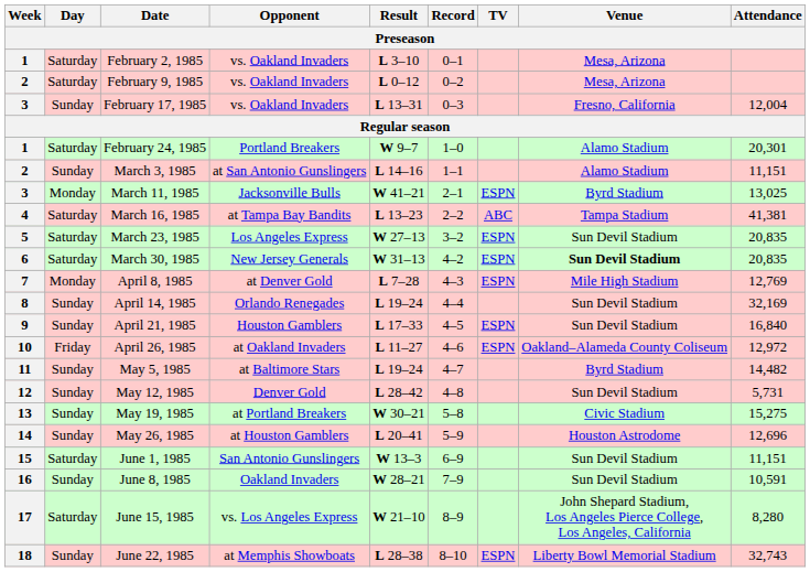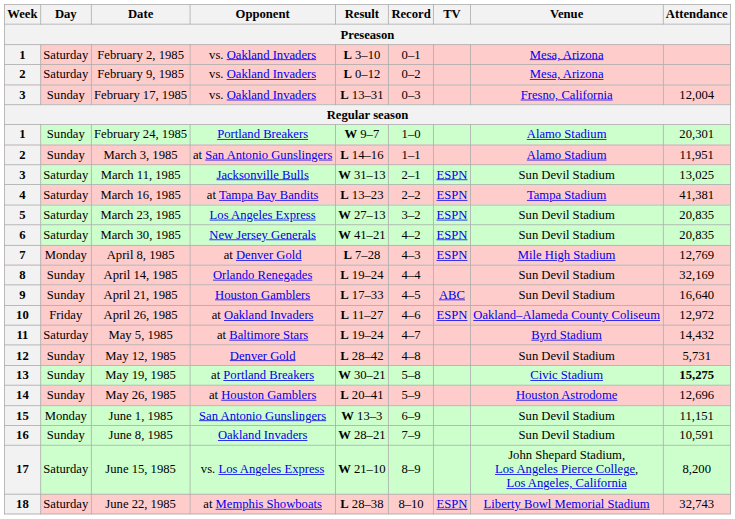 <table class="wikitable" style="text-align:center">
 <tr>
 <th>Week</th>
 <th>Day</th>
 <th>Date</th>
 <th>Opponent</th>
 <th>Result</th>
 <th>Record</th>
 <th>TV</th>
 <th>Venue</th>
 <th>Attendance</th>
 </tr>
 <tr>
 <th colspan="9">Preseason</th>
 </tr>
 <tr style="background:#fcc">
 <th>1</th>
 <td>Saturday</td>
 <td>February 2, 1985</td>
 <td>vs. <a href='#'>Oakland Invaders</a></td>
 <td><strong>L</strong> 3–10</td>
 <td>0–1</td>
 <td></td>
 <td><a href='#'>Mesa, Arizona</a></td>
 <td></td>
 </tr>
 <tr style="background:#fcc">
 <th>2</th>
 <td>Saturday</td>
 <td>February 9, 1985</td>
 <td>vs. <a href='#'>Oakland Invaders</a></td>
 <td><strong>L</strong> 0–12</td>
 <td>0–2</td>
 <td></td>
 <td><a href='#'>Mesa, Arizona</a></td>
 <td></td>
 </tr>
 <tr style="background:#fcc">
 <th>3</th>
 <td>Sunday</td>
 <td>February 17, 1985</td>
 <td>vs. <a href='#'>Oakland Invaders</a></td>
 <td><strong>L</strong> 13–31</td>
 <td>0–3</td>
 <td></td>
 <td><a href='#'>Fresno, California</a></td>
 <td>12,004</td>
 </tr>
 <tr>
 <th colspan="9">Regular season</th>
 </tr>
 <tr style="background:#cfc">
 <th>1</th>
-<td>Saturday</td>
+<td>Sunday</td>
 <td>February 24, 1985</td>
 <td><a href='#'>Portland Breakers</a></td>
 <td><strong>W</strong> 9–7</td>
 <td>1–0</td>
 <td></td>
 <td><a href='#'>Alamo Stadium</a></td>
 <td>20,301</td>
 </tr>
 <tr style="background:#fcc">
 <th>2</th>
 <td>Sunday</td>
 <td>March 3, 1985</td>
 <td>at <a href='#'>San Antonio Gunslingers</a></td>
 <td><strong>L</strong> 14–16</td>
 <td>1–1</td>
 <td></td>
 <td><a href='#'>Alamo Stadium</a></td>
-<td>11,151</td>
+<td>11,951</td>
 </tr>
 <tr style="background:#cfc">
 <th>3</th>
-<td>Monday</td>
+<td>Saturday</td>
 <td>March 11, 1985</td>
 <td><a href='#'>Jacksonville Bulls</a></td>
-<td><strong>W</strong> 41–21</td>
+<td><strong>W</strong> 31–13</td>
 <td>2–1</td>
 <td><a href='#'>ESPN</a></td>
-<td><a href='#'>Byrd Stadium</a></td>
+<td>Sun Devil Stadium</td>
 <td>13,025</td>
 </tr>
 <tr style="background:#fcc">
 <th>4</th>
 <td>Saturday</td>
 <td>March 16, 1985</td>
 <td>at <a href='#'>Tampa Bay Bandits</a></td>
 <td><strong>L</strong> 13–23</td>
 <td>2–2</td>
-<td><a href='#'>ABC</a></td>
+<td><a href='#'>ESPN</a></td>
 <td><a href='#'>Tampa Stadium</a></td>
 <td>41,381</td>
 </tr>
 <tr style="background:#cfc">
 <th>5</th>
 <td>Saturday</td>
 <td>March 23, 1985</td>
 <td><a href='#'>Los Angeles Express</a></td>
 <td><strong>W</strong> 27–13</td>
 <td>3–2</td>
 <td><a href='#'>ESPN</a></td>
 <td>Sun Devil Stadium</td>
 <td>20,835</td>
 </tr>
 <tr style="background:#cfc">
 <th>6</th>
 <td>Saturday</td>
 <td>March 30, 1985</td>
 <td><a href='#'>New Jersey Generals</a></td>
-<td><strong>W</strong> 31–13</td>
+<td><strong>W</strong> 41–21</td>
 <td>4–2</td>
 <td><a href='#'>ESPN</a></td>
-<td><strong>Sun Devil Stadium</strong></td>
+<td>Sun Devil Stadium</td>
 <td>20,835</td>
 </tr>
 <tr style="background:#fcc">
 <th>7</th>
 <td>Monday</td>
 <td>April 8, 1985</td>
 <td>at <a href='#'>Denver Gold</a></td>
 <td><strong>L</strong> 7–28</td>
 <td>4–3</td>
 <td><a href='#'>ESPN</a></td>
 <td><a href='#'>Mile High Stadium</a></td>
 <td>12,769</td>
 </tr>
 <tr style="background:#fcc">
 <th>8</th>
 <td>Sunday</td>
 <td>April 14, 1985</td>
 <td><a href='#'>Orlando Renegades</a></td>
 <td><strong>L</strong> 19–24</td>
 <td>4–4</td>
 <td></td>
 <td>Sun Devil Stadium</td>
 <td>32,169</td>
 </tr>
 <tr style="background:#fcc">
 <th>9</th>
 <td>Sunday</td>
 <td>April 21, 1985</td>
 <td><a href='#'>Houston Gamblers</a></td>
 <td><strong>L</strong> 17–33</td>
 <td>4–5</td>
-<td><a href='#'>ESPN</a></td>
+<td><a href='#'>ABC</a></td>
 <td>Sun Devil Stadium</td>
-<td>16,840</td>
+<td>16,640</td>
 </tr>
 <tr style="background:#fcc">
 <th>10</th>
 <td>Friday</td>
 <td>April 26, 1985</td>
 <td>at <a href='#'>Oakland Invaders</a></td>
 <td><strong>L</strong> 11–27</td>
 <td>4–6</td>
 <td><a href='#'>ESPN</a></td>
 <td><a href='#'>Oakland–Alameda County Coliseum</a></td>
 <td>12,972</td>
 </tr>
 <tr style="background:#fcc">
 <th>11</th>
-<td>Sunday</td>
+<td>Saturday</td>
 <td>May 5, 1985</td>
 <td>at <a href='#'>Baltimore Stars</a></td>
 <td><strong>L</strong> 19–24</td>
 <td>4–7</td>
 <td></td>
 <td><a href='#'>Byrd Stadium</a></td>
-<td>14,482</td>
+<td>14,432</td>
 </tr>
 <tr style="background:#fcc">
 <th>12</th>
 <td>Sunday</td>
 <td>May 12, 1985</td>
 <td><a href='#'>Denver Gold</a></td>
 <td><strong>L</strong> 28–42</td>
 <td>4–8</td>
 <td></td>
 <td>Sun Devil Stadium</td>
 <td>5,731</td>
 </tr>
 <tr style="background:#cfc">
 <th>13</th>
 <td>Sunday</td>
 <td>May 19, 1985</td>
 <td>at <a href='#'>Portland Breakers</a></td>
 <td><strong>W</strong> 30–21</td>
 <td>5–8</td>
 <td></td>
 <td><a href='#'>Civic Stadium</a></td>
-<td>15,275</td>
+<td><strong>15,275</strong></td>
 </tr>
 <tr style="background:#fcc">
 <th>14</th>
 <td>Sunday</td>
 <td>May 26, 1985</td>
 <td>at <a href='#'>Houston Gamblers</a></td>
 <td><strong>L</strong> 20–41</td>
 <td>5–9</td>
 <td></td>
 <td><a href='#'>Houston Astrodome</a></td>
 <td>12,696</td>
 </tr>
 <tr style="background:#cfc">
 <th>15</th>
-<td>Saturday</td>
+<td>Monday</td>
 <td>June 1, 1985</td>
 <td><a href='#'>San Antonio Gunslingers</a></td>
 <td><strong>W</strong> 13–3</td>
 <td>6–9</td>
 <td></td>
 <td>Sun Devil Stadium</td>
 <td>11,151</td>
 </tr>
 <tr style="background:#cfc">
 <th>16</th>
 <td>Sunday</td>
 <td>June 8, 1985</td>
 <td><a href='#'>Oakland Invaders</a></td>
 <td><strong>W</strong> 28–21</td>
 <td>7–9</td>
 <td></td>
 <td>Sun Devil Stadium</td>
 <td>10,591</td>
 </tr>
 <tr style="background:#cfc">
 <th>17</th>
 <td>Saturday</td>
 <td>June 15, 1985</td>
 <td>vs. <a href='#'>Los Angeles Express</a></td>
 <td><strong>W</strong> 21–10</td>
 <td>8–9</td>
 <td></td>
 <td>John Shepard Stadium,<br><a href='#'>Los Angeles Pierce College</a>,<br><a href='#'>Los Angeles, California</a></td>
-<td>8,280</td>
+<td>8,200</td>
 </tr>
 <tr style="background:#fcc">
 <th>18</th>
-<td>Sunday</td>
+<td>Saturday</td>
 <td>June 22, 1985</td>
 <td>at <a href='#'>Memphis Showboats</a></td>
 <td><strong>L</strong> 28–38</td>
 <td>8–10</td>
 <td><a href='#'>ESPN</a></td>
 <td><a href='#'>Liberty Bowl Memorial Stadium</a></td>
 <td>32,743</td>
 </tr>
 </table>
